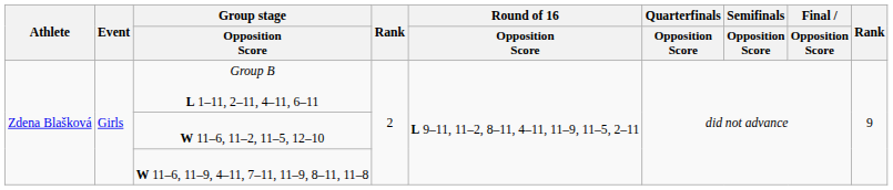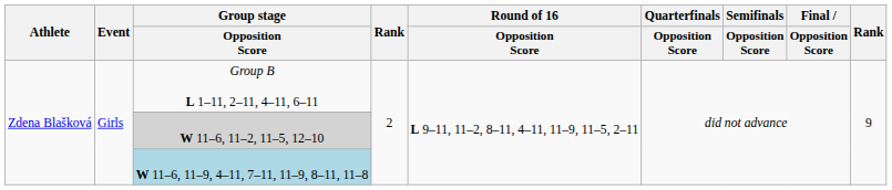 <table class="wikitable" style="font-size:90%">
 <tr>
 <th rowspan="2">Athlete</th>
 <th rowspan="2">Event</th>
 <th>Group stage</th>
 <th rowspan="2">Rank</th>
 <th>Round of 16</th>
 <th>Quarterfinals</th>
 <th>Semifinals</th>
 <th>Final / </th>
 <th rowspan="2">Rank</th>
 </tr>
 <tr style="font-size:95%">
 <th>Opposition<br>Score</th>
 <th>Opposition<br>Score</th>
 <th>Opposition<br>Score</th>
 <th>Opposition<br>Score</th>
 <th>Opposition<br>Score</th>
 </tr>
 <tr align="center">
 <td rowspan="3" align="left"><a href='#'>Zdena Blašková</a></td>
 <td rowspan="3" align="left"><a href='#'>Girls</a></td>
 <td><em>Group B</em><br><br><strong>L</strong> 1–11, 2–11, 4–11, 6–11</td>
 <td rowspan="3">2</td>
 <td rowspan="3"><br><strong>L</strong> 9–11, 11–2, 8–11, 4–11, 11–9, 11–5, 2–11</td>
 <td colspan="3" rowspan="3"><em>did not advance</em></td>
 <td rowspan="3">9</td>
 </tr>
 <tr align="center">
-<td><br><strong>W</strong> 11–6, 11–2, 11–5, 12–10</td>
+<td style="background: lightgrey;"><br><strong>W</strong> 11–6, 11–2, 11–5, 12–10</td>
 </tr>
 <tr align="center">
-<td><br><strong>W</strong> 11–6, 11–9, 4–11, 7–11, 11–9, 8–11, 11–8</td>
+<td style="background: lightblue;"><br><strong>W</strong> 11–6, 11–9, 4–11, 7–11, 11–9, 8–11, 11–8</td>
 </tr>
 </table>
